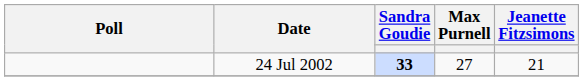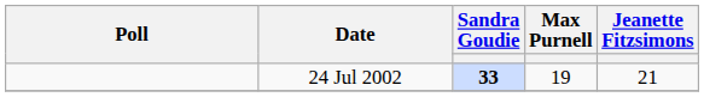 <table class="wikitable sortable" style="width:500px;font-size:90%;line-height:14px;text-align:center;">
 <tr>
 <th style="width:270px;" rowspan="2">Poll</th>
 <th style="width:200px;" rowspan="2">Date</th>
 <th><a href='#'>Sandra Goudie</a></th>
 <th>Max Purnell</th>
 <th><a href='#'>Jeanette Fitzsimons</a></th>
 </tr>
 <tr>
 <th class="unsortable" style="color:inherit;background:"></th>
 <th class="unsortable" style="color:inherit;background:"></th>
 <th class="unsortable" style="color:inherit;background:"></th>
 </tr>
 <tr>
 <td></td>
 <td data-sort-value="2002-07-24">24 Jul 2002</td>
 <td style="background:#CCDDFF"><strong>33</strong></td>
-<td>27</td>
+<td>19</td>
 <td>21</td>
 </tr>
 <tr>
 </tr>
 </table>
